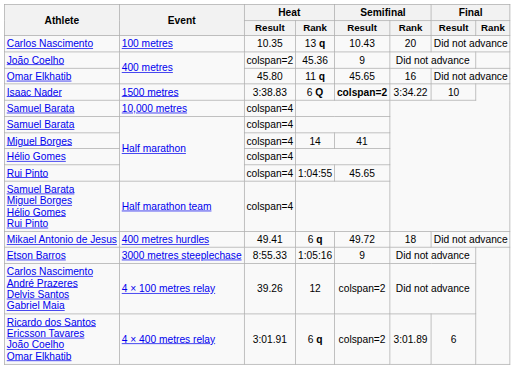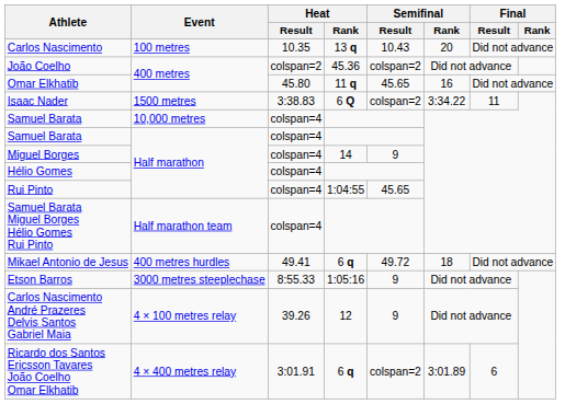 <table class=wikitable style=font-size:90%>
 <tr>
 <th rowspan=2>Athlete</th>
 <th rowspan=2>Event</th>
 <th colspan=2>Heat</th>
 <th colspan=2>Semifinal</th>
 <th colspan=2>Final</th>
 </tr>
 <tr style=font-size:95%>
 <th>Result</th>
 <th>Rank</th>
 <th>Result</th>
 <th>Rank</th>
 <th>Result</th>
 <th>Rank</th>
 </tr>
 <tr align=center>
 <td align=left><a href='#'>Carlos Nascimento</a></td>
 <td align=left><a href='#'>100 metres</a></td>
 <td>10.35 </td>
 <td>13 <strong>q</strong></td>
 <td>10.43</td>
 <td>20</td>
 <td colspan=2>Did not advance</td>
 </tr>
 <tr align=center>
 <td align=left><a href='#'>João Coelho</a></td>
 <td align=left rowspan=2><a href='#'>400 metres</a></td>
 <td>colspan=2</td>
 <td>45.36 </td>
-<td>9</td>
+<td>colspan=2</td>
 <td colspan=2>Did not advance</td>
 </tr>
 <tr align=center>
 <td align=left><a href='#'>Omar Elkhatib</a></td>
 <td>45.80</td>
 <td>11 <strong>q</strong></td>
 <td>45.65</td>
 <td>16</td>
 <td colspan=2>Did not advance</td>
 </tr>
 <tr align=center>
 <td align=left><a href='#'>Isaac Nader</a></td>
 <td align=left><a href='#'>1500 metres</a></td>
 <td>3:38.83</td>
 <td>6 <strong>Q</strong></td>
-<td><strong>colspan=2</strong></td>
+<td>colspan=2</td>
 <td>3:34.22</td>
-<td>10</td>
+<td>11</td>
 </tr>
 <tr align=center>
 <td align=left><a href='#'>Samuel Barata</a></td>
 <td align=left><a href='#'>10,000 metres</a></td>
 <td>colspan=4</td>
 <td colspan=2></td>
 </tr>
 <tr align=center>
 <td align=left><a href='#'>Samuel Barata</a></td>
 <td align=left rowspan=4><a href='#'>Half marathon</a></td>
 <td>colspan=4</td>
 <td colspan=2></td>
 </tr>
 <tr align=center>
 <td align=left><a href='#'>Miguel Borges</a></td>
 <td>colspan=4</td>
 <td>14</td>
-<td>41</td>
+<td>9</td>
 </tr>
 <tr align=center>
 <td align=left><a href='#'>Hélio Gomes</a></td>
 <td>colspan=4</td>
 <td colspan=2></td>
 </tr>
 <tr align=center>
 <td align=left><a href='#'>Rui Pinto</a></td>
 <td>colspan=4</td>
 <td>1:04:55</td>
 <td>45.65</td>
 </tr>
 <tr align=center>
 <td align=left><a href='#'>Samuel Barata</a><br><a href='#'>Miguel Borges</a><br><a href='#'>Hélio Gomes</a><br><a href='#'>Rui Pinto</a></td>
 <td align=left><a href='#'>Half marathon team</a></td>
 <td>colspan=4</td>
 <td colspan=2></td>
 </tr>
 <tr align=center>
 <td align=left><a href='#'>Mikael Antonio de Jesus</a></td>
 <td align=left><a href='#'>400 metres hurdles</a></td>
 <td>49.41</td>
 <td>6 <strong>q</strong></td>
 <td>49.72</td>
 <td>18</td>
 <td colspan=2>Did not advance</td>
 </tr>
 <tr align=center>
 <td align=left><a href='#'>Etson Barros</a></td>
 <td align=left><a href='#'>3000 metres steeplechase</a></td>
 <td>8:55.33</td>
 <td>1:05:16</td>
 <td>9</td>
 <td colspan=2>Did not advance</td>
 </tr>
 <tr align=center>
 <td align=left><a href='#'>Carlos Nascimento</a><br><a href='#'>André Prazeres</a><br><a href='#'>Delvis Santos</a><br><a href='#'>Gabriel Maia</a></td>
 <td align=left><a href='#'>4 × 100 metres relay</a></td>
 <td>39.26 </td>
 <td>12</td>
-<td>colspan=2</td>
+<td>9</td>
 <td colspan=2>Did not advance</td>
 </tr>
 <tr align=center>
 <td align=left><a href='#'>Ricardo dos Santos</a><br><a href='#'>Ericsson Tavares</a><br><a href='#'>João Coelho</a><br><a href='#'>Omar Elkhatib</a></td>
 <td align=left><a href='#'>4 × 400 metres relay</a></td>
 <td>3:01.91 </td>
 <td>6 <strong>q</strong></td>
 <td>colspan=2</td>
 <td>3:01.89 </td>
 <td>6</td>
 </tr>
 </table>
